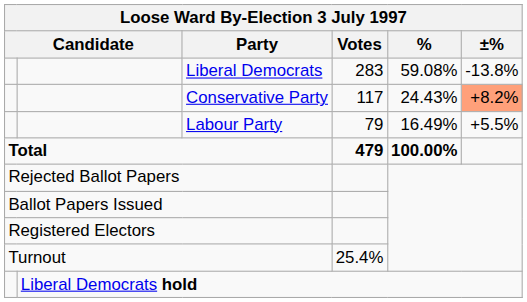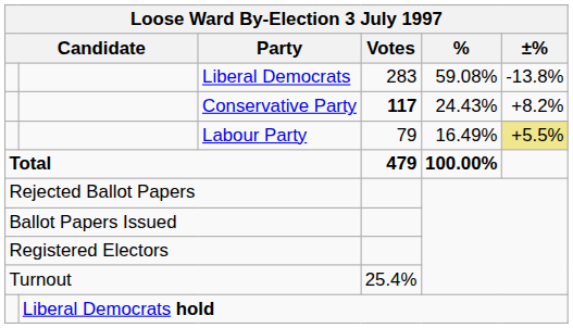 <table class="wikitable" style="text-align:right;">
 <tr>
 <th colspan=6>Loose Ward By-Election 3 July 1997</th>
 </tr>
 <tr>
 <th align=left colspan=2>Candidate</th>
 <th align=left>Party</th>
 <th align=center>Votes</th>
 <th align=center>%</th>
 <th align=center>±%</th>
 </tr>
 <tr>
 <td bgcolor=> </td>
 <td align=left width="150"></td>
 <td align=left><a href='#'>Liberal Democrats</a></td>
 <td>283</td>
 <td>59.08%</td>
 <td>-13.8%</td>
 </tr>
 <tr>
 <td bgcolor=> </td>
 <td align=left></td>
 <td align=left><a href='#'>Conservative Party</a></td>
-<td>117</td>
+<td><strong>117</strong></td>
 <td>24.43%</td>
-<td style="background: lightsalmon;">+8.2%</td>
+<td>+8.2%</td>
 </tr>
 <tr>
 <td bgcolor=> </td>
 <td align=left></td>
 <td align=left><a href='#'>Labour Party</a></td>
 <td>79</td>
 <td>16.49%</td>
-<td>+5.5%</td>
+<td style="background: khaki;">+5.5%</td>
 </tr>
 <tr>
 <td align=left colspan=3><strong>Total</strong></td>
 <td><strong>479</strong></td>
 <td><strong>100.00%</strong></td>
 <td></td>
 </tr>
 <tr>
 <td align=left colspan=3>Rejected Ballot Papers</td>
 <td></td>
 <td rowspan=4 colspan=2></td>
 </tr>
 <tr>
 <td align=left colspan=3>Ballot Papers Issued</td>
 <td></td>
 </tr>
 <tr>
 <td align=left colspan=3>Registered Electors</td>
 <td></td>
 </tr>
 <tr>
 <td align=left colspan=3>Turnout</td>
 <td>25.4%</td>
 </tr>
 <tr>
 <td bgcolor=> </td>
 <td align=left colspan=6><a href='#'>Liberal Democrats</a> <strong>hold</strong></td>
 </tr>
 </table>
